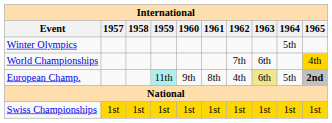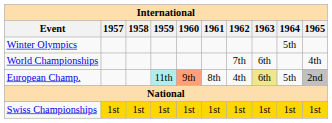 <table class="wikitable" style="text-align:center">
 <tr>
 <th style="background-color: #ffdead; " colspan=10 align=center>International</th>
 </tr>
 <tr>
 <th>Event</th>
 <th>1957</th>
 <th>1958</th>
 <th>1959</th>
 <th>1960</th>
 <th>1961</th>
 <th>1962</th>
 <th>1963</th>
 <th>1964</th>
 <th>1965</th>
 </tr>
 <tr>
 <td align=left><a href='#'>Winter Olympics</a></td>
 <td></td>
 <td></td>
 <td></td>
 <td></td>
 <td></td>
 <td></td>
 <td></td>
 <td>5th</td>
 <td></td>
 </tr>
 <tr>
 <td align=left><a href='#'>World Championships</a></td>
 <td></td>
 <td></td>
 <td></td>
 <td></td>
 <td></td>
 <td>7th</td>
 <td>6th</td>
 <td></td>
-<td style="background: gold;">4th</td>
+<td>4th</td>
 </tr>
 <tr>
 <td align=left><a href='#'>European Champ.</a></td>
 <td></td>
 <td></td>
 <td style="background: paleturquoise;">11th</td>
-<td>9th</td>
+<td style="background: lightsalmon;">9th</td>
 <td>8th</td>
 <td>4th</td>
 <td style="background: khaki;">6th</td>
 <td>5th</td>
-<td bgcolor=silver><strong>2nd</strong></td>
+<td bgcolor=silver>2nd</td>
 </tr>
 <tr>
 <th style="background-color: #ffdead; " colspan=10 align=center>National</th>
 </tr>
 <tr>
 <td align=left><a href='#'>Swiss Championships</a></td>
 <td bgcolor=gold>1st</td>
 <td bgcolor=gold>1st</td>
 <td bgcolor=gold>1st</td>
 <td bgcolor=gold>1st</td>
 <td bgcolor=gold>1st</td>
 <td bgcolor=gold>1st</td>
 <td bgcolor=gold>1st</td>
 <td bgcolor=gold>1st</td>
 <td bgcolor=gold>1st</td>
 </tr>
 </table>
